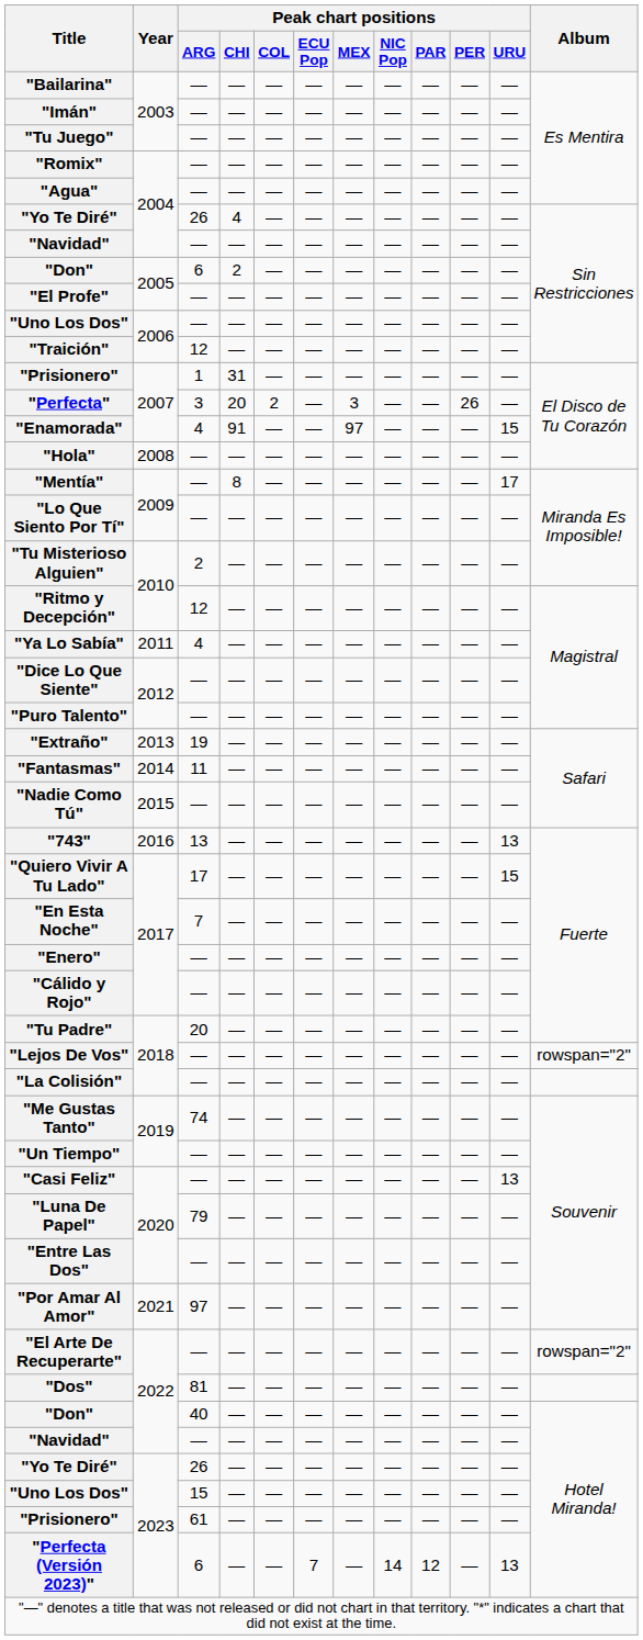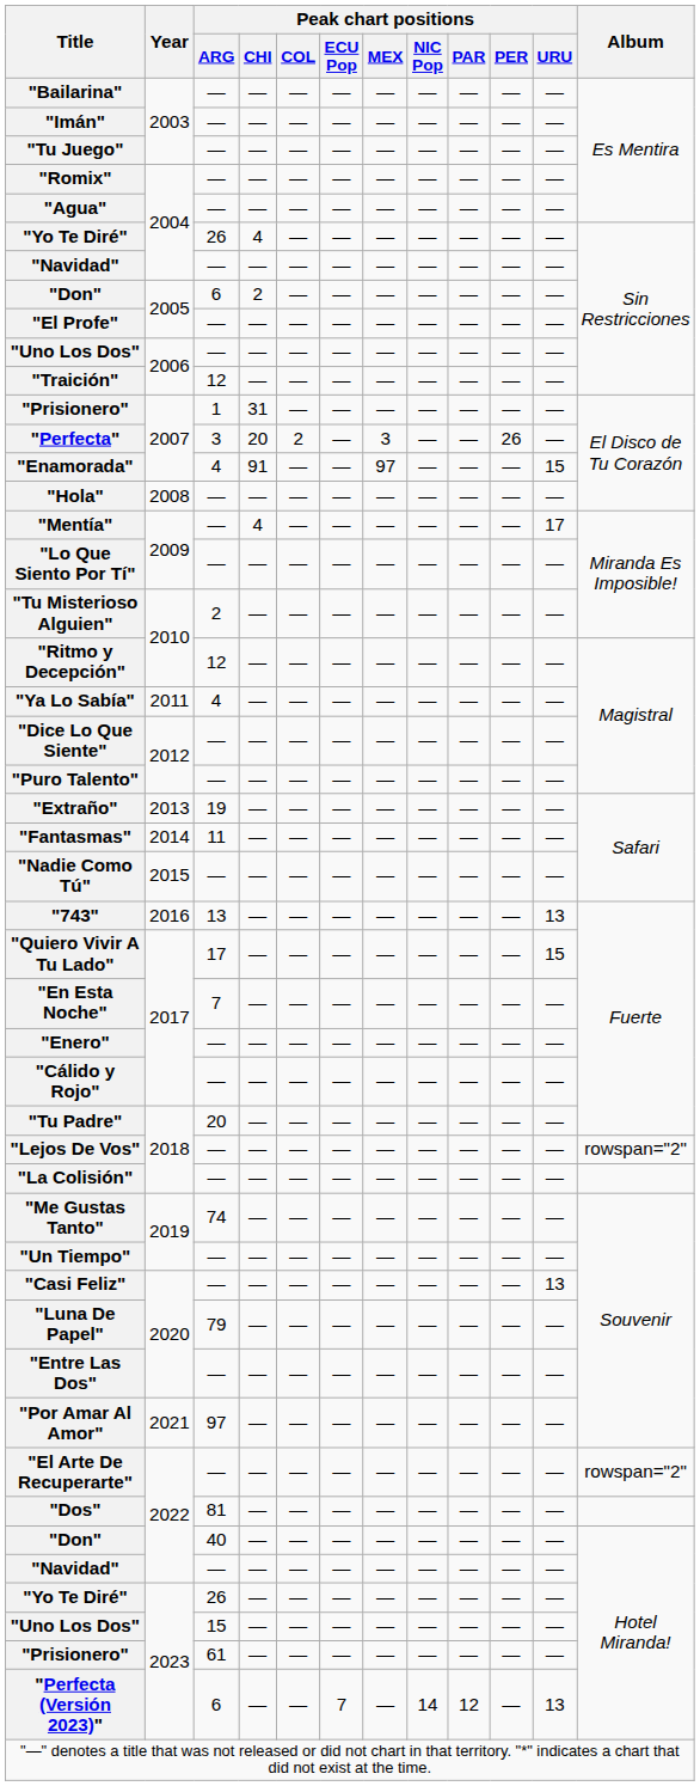 <table class="wikitable plainrowheaders" style="text-align:center;">
 <tr>
 <th scope="col" rowspan="2" style="width:16em;">Title</th>
 <th scope="col" rowspan="2">Year</th>
 <th scope="col" colspan="9">Peak chart positions</th>
 <th scope="col" rowspan="2">Album</th>
 </tr>
 <tr>
 <th scope="col" style="width:3em;font-size:90%;"><a href='#'>ARG</a><br></th>
 <th scope="col" style="width:3em;font-size:90%;"><a href='#'>CHI</a><br></th>
 <th scope="col" style="width:3em;font-size:90%;"><a href='#'>COL</a><br></th>
 <th scope="col" style="width:3em;font-size:90%;"><a href='#'>ECU<br>Pop</a><br></th>
 <th scope="col" style="width:3em;font-size:90%;"><a href='#'>MEX</a><br></th>
 <th scope="col" style="width:3em;font-size:90%;"><a href='#'>NIC<br>Pop</a><br></th>
 <th scope="col" style="width:3em;font-size:90%;"><a href='#'>PAR</a><br></th>
 <th scope="col" style="width:3em;font-size:90%;"><a href='#'>PER</a><br></th>
 <th scope="col" style="width:3em;font-size:90%;"><a href='#'>URU</a><br></th>
 </tr>
 <tr>
 <th scope="row">"Bailarina"</th>
 <td rowspan="3">2003</td>
 <td>—</td>
 <td>—</td>
 <td>—</td>
 <td>—</td>
 <td>—</td>
 <td>—</td>
 <td>—</td>
 <td>—</td>
 <td>—</td>
 <td rowspan="5"><em>Es Mentira</em></td>
 </tr>
 <tr>
 <th scope="row">"Imán"</th>
 <td>—</td>
 <td>—</td>
 <td>—</td>
 <td>—</td>
 <td>—</td>
 <td>—</td>
 <td>—</td>
 <td>—</td>
 <td>—</td>
 </tr>
 <tr>
 <th scope="row">"Tu Juego"</th>
 <td>—</td>
 <td>—</td>
 <td>—</td>
 <td>—</td>
 <td>—</td>
 <td>—</td>
 <td>—</td>
 <td>—</td>
 <td>—</td>
 </tr>
 <tr>
 <th scope="row">"Romix"</th>
 <td rowspan="4">2004</td>
 <td>—</td>
 <td>—</td>
 <td>—</td>
 <td>—</td>
 <td>—</td>
 <td>—</td>
 <td>—</td>
 <td>—</td>
 <td>—</td>
 </tr>
 <tr>
 <th scope="row">"Agua"</th>
 <td>—</td>
 <td>—</td>
 <td>—</td>
 <td>—</td>
 <td>—</td>
 <td>—</td>
 <td>—</td>
 <td>—</td>
 <td>—</td>
 </tr>
 <tr>
 <th scope="row">"Yo Te Diré"</th>
 <td>26</td>
 <td>4</td>
 <td>—</td>
 <td>—</td>
 <td>—</td>
 <td>—</td>
 <td>—</td>
 <td>—</td>
 <td>—</td>
 <td rowspan="6"><em>Sin Restricciones</em></td>
 </tr>
 <tr>
 <th scope="row">"Navidad"</th>
 <td>—</td>
 <td>—</td>
 <td>—</td>
 <td>—</td>
 <td>—</td>
 <td>—</td>
 <td>—</td>
 <td>—</td>
 <td>—</td>
 </tr>
 <tr>
 <th scope="row">"Don"</th>
 <td rowspan="2">2005</td>
 <td>6</td>
 <td>2</td>
 <td>—</td>
 <td>—</td>
 <td>—</td>
 <td>—</td>
 <td>—</td>
 <td>—</td>
 <td>—</td>
 </tr>
 <tr>
 <th scope="row">"El Profe"</th>
 <td>—</td>
 <td>—</td>
 <td>—</td>
 <td>—</td>
 <td>—</td>
 <td>—</td>
 <td>—</td>
 <td>—</td>
 <td>—</td>
 </tr>
 <tr>
 <th scope="row">"Uno Los Dos"</th>
 <td rowspan="2">2006</td>
 <td>—</td>
 <td>—</td>
 <td>—</td>
 <td>—</td>
 <td>—</td>
 <td>—</td>
 <td>—</td>
 <td>—</td>
 <td>—</td>
 </tr>
 <tr>
 <th scope="row">"Traición"</th>
 <td>12</td>
 <td>—</td>
 <td>—</td>
 <td>—</td>
 <td>—</td>
 <td>—</td>
 <td>—</td>
 <td>—</td>
 <td>—</td>
 </tr>
 <tr>
 <th scope="row">"Prisionero"</th>
 <td rowspan="3">2007</td>
 <td>1</td>
 <td>31</td>
 <td>—</td>
 <td>—</td>
 <td>—</td>
 <td>—</td>
 <td>—</td>
 <td>—</td>
 <td>—</td>
 <td rowspan="4"><em>El Disco de Tu Corazón</em></td>
 </tr>
 <tr>
 <th scope="row">"<a href='#'>Perfecta</a>"<br></th>
 <td>3</td>
 <td>20</td>
 <td>2</td>
 <td>—</td>
 <td>3</td>
 <td>—</td>
 <td>—</td>
 <td>26</td>
 <td>—</td>
 </tr>
 <tr>
 <th scope="row">"Enamorada"</th>
 <td>4</td>
 <td>91</td>
 <td>—</td>
 <td>—</td>
 <td>97</td>
 <td>—</td>
 <td>—</td>
 <td>—</td>
 <td>15</td>
 </tr>
 <tr>
 <th scope="row">"Hola"</th>
 <td>2008</td>
 <td>—</td>
 <td>—</td>
 <td>—</td>
 <td>—</td>
 <td>—</td>
 <td>—</td>
 <td>—</td>
 <td>—</td>
 <td>—</td>
 </tr>
 <tr>
 <th scope="row">"Mentía"</th>
 <td rowspan="2">2009</td>
 <td>—</td>
-<td>8</td>
+<td>4</td>
 <td>—</td>
 <td>—</td>
 <td>—</td>
 <td>—</td>
 <td>—</td>
 <td>—</td>
 <td>17</td>
 <td rowspan="3"><em>Miranda Es Imposible!</em></td>
 </tr>
 <tr>
 <th scope="row">"Lo Que Siento Por Tí"</th>
 <td>—</td>
 <td>—</td>
 <td>—</td>
 <td>—</td>
 <td>—</td>
 <td>—</td>
 <td>—</td>
 <td>—</td>
 <td>—</td>
 </tr>
 <tr>
 <th scope="row">"Tu Misterioso Alguien"</th>
 <td rowspan="2">2010</td>
 <td>2</td>
 <td>—</td>
 <td>—</td>
 <td>—</td>
 <td>—</td>
 <td>—</td>
 <td>—</td>
 <td>—</td>
 <td>—</td>
 </tr>
 <tr>
 <th scope="row">"Ritmo y Decepción"</th>
 <td>12</td>
 <td>—</td>
 <td>—</td>
 <td>—</td>
 <td>—</td>
 <td>—</td>
 <td>—</td>
 <td>—</td>
 <td>—</td>
 <td rowspan="4"><em>Magistral</em></td>
 </tr>
 <tr>
 <th scope="row">"Ya Lo Sabía"</th>
 <td>2011</td>
 <td>4</td>
 <td>—</td>
 <td>—</td>
 <td>—</td>
 <td>—</td>
 <td>—</td>
 <td>—</td>
 <td>—</td>
 <td>—</td>
 </tr>
 <tr>
 <th scope="row">"Dice Lo Que Siente"</th>
 <td rowspan="2">2012</td>
 <td>—</td>
 <td>—</td>
 <td>—</td>
 <td>—</td>
 <td>—</td>
 <td>—</td>
 <td>—</td>
 <td>—</td>
 <td>—</td>
 </tr>
 <tr>
 <th scope="row">"Puro Talento"</th>
 <td>—</td>
 <td>—</td>
 <td>—</td>
 <td>—</td>
 <td>—</td>
 <td>—</td>
 <td>—</td>
 <td>—</td>
 <td>—</td>
 </tr>
 <tr>
 <th scope="row">"Extraño"</th>
 <td>2013</td>
 <td>19</td>
 <td>—</td>
 <td>—</td>
 <td>—</td>
 <td>—</td>
 <td>—</td>
 <td>—</td>
 <td>—</td>
 <td>—</td>
 <td rowspan="3"><em>Safari</em></td>
 </tr>
 <tr>
 <th scope="row">"Fantasmas"</th>
 <td>2014</td>
 <td>11</td>
 <td>—</td>
 <td>—</td>
 <td>—</td>
 <td>—</td>
 <td>—</td>
 <td>—</td>
 <td>—</td>
 <td>—</td>
 </tr>
 <tr>
 <th scope="row">"Nadie Como Tú"</th>
 <td>2015</td>
 <td>—</td>
 <td>—</td>
 <td>—</td>
 <td>—</td>
 <td>—</td>
 <td>—</td>
 <td>—</td>
 <td>—</td>
 <td>—</td>
 </tr>
 <tr>
 <th scope="row">"743"</th>
 <td>2016</td>
 <td>13</td>
 <td>—</td>
 <td>—</td>
 <td>—</td>
 <td>—</td>
 <td>—</td>
 <td>—</td>
 <td>—</td>
 <td>13</td>
 <td rowspan="6"><em>Fuerte</em></td>
 </tr>
 <tr>
 <th scope="row">"Quiero Vivir A Tu Lado"</th>
 <td rowspan="4">2017</td>
 <td>17</td>
 <td>—</td>
 <td>—</td>
 <td>—</td>
 <td>—</td>
 <td>—</td>
 <td>—</td>
 <td>—</td>
 <td>15</td>
 </tr>
 <tr>
 <th scope="row">"En Esta Noche"</th>
 <td>7</td>
 <td>—</td>
 <td>—</td>
 <td>—</td>
 <td>—</td>
 <td>—</td>
 <td>—</td>
 <td>—</td>
 <td>—</td>
 </tr>
 <tr>
 <th scope="row">"Enero"</th>
 <td>—</td>
 <td>—</td>
 <td>—</td>
 <td>—</td>
 <td>—</td>
 <td>—</td>
 <td>—</td>
 <td>—</td>
 <td>—</td>
 </tr>
 <tr>
 <th scope="row">"Cálido y Rojo"</th>
 <td>—</td>
 <td>—</td>
 <td>—</td>
 <td>—</td>
 <td>—</td>
 <td>—</td>
 <td>—</td>
 <td>—</td>
 <td>—</td>
 </tr>
 <tr>
 <th scope="row">"Tu Padre"</th>
 <td rowspan="3">2018</td>
 <td>20</td>
 <td>—</td>
 <td>—</td>
 <td>—</td>
 <td>—</td>
 <td>—</td>
 <td>—</td>
 <td>—</td>
 <td>—</td>
 </tr>
 <tr>
 <th scope="row">"Lejos De Vos"</th>
 <td>—</td>
 <td>—</td>
 <td>—</td>
 <td>—</td>
 <td>—</td>
 <td>—</td>
 <td>—</td>
 <td>—</td>
 <td>—</td>
 <td>rowspan="2" </td>
 </tr>
 <tr>
 <th scope="row">"La Colisión"</th>
 <td>—</td>
 <td>—</td>
 <td>—</td>
 <td>—</td>
 <td>—</td>
 <td>—</td>
 <td>—</td>
 <td>—</td>
 <td>—</td>
 </tr>
 <tr>
 <th scope="row">"Me Gustas Tanto"</th>
 <td rowspan="2">2019</td>
 <td>74</td>
 <td>—</td>
 <td>—</td>
 <td>—</td>
 <td>—</td>
 <td>—</td>
 <td>—</td>
 <td>—</td>
 <td>—</td>
 <td rowspan="6"><em>Souvenir</em></td>
 </tr>
 <tr>
 <th scope="row">"Un Tiempo"</th>
 <td>—</td>
 <td>—</td>
 <td>—</td>
 <td>—</td>
 <td>—</td>
 <td>—</td>
 <td>—</td>
 <td>—</td>
 <td>—</td>
 </tr>
 <tr>
 <th scope="row">"Casi Feliz"</th>
 <td rowspan="3">2020</td>
 <td>—</td>
 <td>—</td>
 <td>—</td>
 <td>—</td>
 <td>—</td>
 <td>—</td>
 <td>—</td>
 <td>—</td>
 <td>13</td>
 </tr>
 <tr>
 <th scope="row">"Luna De Papel"</th>
 <td>79</td>
 <td>—</td>
 <td>—</td>
 <td>—</td>
 <td>—</td>
 <td>—</td>
 <td>—</td>
 <td>—</td>
 <td>—</td>
 </tr>
 <tr>
 <th scope="row">"Entre Las Dos"<br></th>
 <td>—</td>
 <td>—</td>
 <td>—</td>
 <td>—</td>
 <td>—</td>
 <td>—</td>
 <td>—</td>
 <td>—</td>
 <td>—</td>
 </tr>
 <tr>
 <th scope="row">"Por Amar Al Amor"</th>
 <td>2021</td>
 <td>97</td>
 <td>—</td>
 <td>—</td>
 <td>—</td>
 <td>—</td>
 <td>—</td>
 <td>—</td>
 <td>—</td>
 <td>—</td>
 </tr>
 <tr>
 <th scope="row">"El Arte De Recuperarte"</th>
 <td rowspan="4">2022</td>
 <td>—</td>
 <td>—</td>
 <td>—</td>
 <td>—</td>
 <td>—</td>
 <td>—</td>
 <td>—</td>
 <td>—</td>
 <td>—</td>
 <td>rowspan="2" </td>
 </tr>
 <tr>
 <th scope="row">"Dos"<br></th>
 <td>81</td>
 <td>—</td>
 <td>—</td>
 <td>—</td>
 <td>—</td>
 <td>—</td>
 <td>—</td>
 <td>—</td>
 <td>—</td>
 </tr>
 <tr>
 <th scope="row">"Don"<br></th>
 <td>40</td>
 <td>—</td>
 <td>—</td>
 <td>—</td>
 <td>—</td>
 <td>—</td>
 <td>—</td>
 <td>—</td>
 <td>—</td>
 <td rowspan="6"><em>Hotel Miranda!</em></td>
 </tr>
 <tr>
 <th scope="row">"Navidad"<br></th>
 <td>—</td>
 <td>—</td>
 <td>—</td>
 <td>—</td>
 <td>—</td>
 <td>—</td>
 <td>—</td>
 <td>—</td>
 <td>—</td>
 </tr>
 <tr>
 <th scope="row">"Yo Te Diré"<br></th>
 <td rowspan="4">2023</td>
 <td>26</td>
 <td>—</td>
 <td>—</td>
 <td>—</td>
 <td>—</td>
 <td>—</td>
 <td>—</td>
 <td>—</td>
 <td>—</td>
 </tr>
 <tr>
 <th scope="row">"Uno Los Dos"<br></th>
 <td>15</td>
 <td>—</td>
 <td>—</td>
 <td>—</td>
 <td>—</td>
 <td>—</td>
 <td>—</td>
 <td>—</td>
 <td>—</td>
 </tr>
 <tr>
 <th scope="row">"Prisionero"<br></th>
 <td>61</td>
 <td>—</td>
 <td>—</td>
 <td>—</td>
 <td>—</td>
 <td>—</td>
 <td>—</td>
 <td>—</td>
 <td>—</td>
 </tr>
 <tr>
 <th scope="row">"<a href='#'>Perfecta (Versión 2023)</a>"<br></th>
 <td>6</td>
 <td>—</td>
 <td>—</td>
 <td>7</td>
 <td>—</td>
 <td>14</td>
 <td>12</td>
 <td>—</td>
 <td>13</td>
 </tr>
 <tr>
 <td colspan="12" style="font-size:85%">"—" denotes a title that was not released or did not chart in that territory. "*" indicates a chart that did not exist at the time.</td>
 </tr>
 </table>
